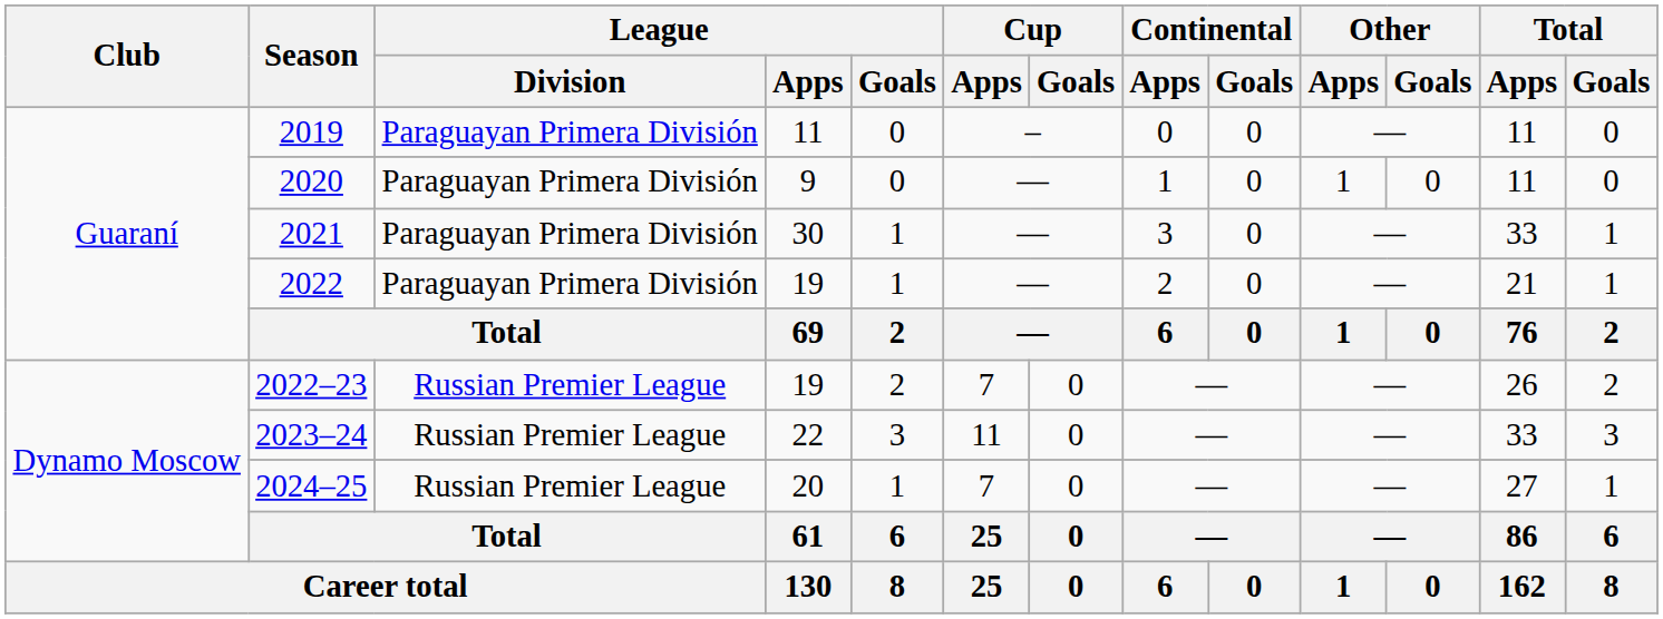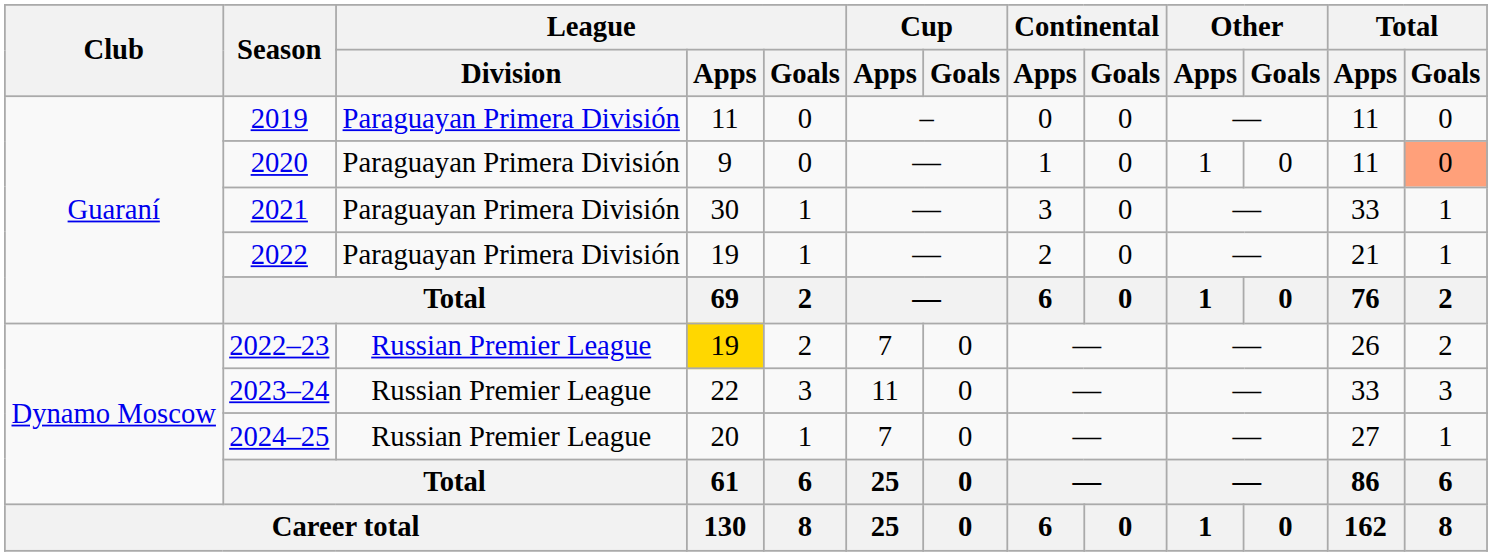 <table class="wikitable" style="text-align: center;">
 <tr>
 <th rowspan="2">Club</th>
 <th rowspan="2">Season</th>
 <th colspan="3">League</th>
 <th colspan="2">Cup</th>
 <th colspan="2">Continental</th>
 <th colspan="2">Other</th>
 <th colspan="2">Total</th>
 </tr>
 <tr>
 <th>Division</th>
 <th>Apps</th>
 <th>Goals</th>
 <th>Apps</th>
 <th>Goals</th>
 <th>Apps</th>
 <th>Goals</th>
 <th>Apps</th>
 <th>Goals</th>
 <th>Apps</th>
 <th>Goals</th>
 </tr>
 <tr>
 <td rowspan="5"><a href='#'>Guaraní</a></td>
 <td><a href='#'>2019</a></td>
 <td><a href='#'>Paraguayan Primera División</a></td>
 <td>11</td>
 <td>0</td>
 <td colspan=2>–</td>
 <td>0</td>
 <td>0</td>
 <td colspan="2">—</td>
 <td>11</td>
 <td>0</td>
 </tr>
 <tr>
 <td><a href='#'>2020</a></td>
 <td>Paraguayan Primera División</td>
 <td>9</td>
 <td>0</td>
 <td colspan="2">—</td>
 <td>1</td>
 <td>0</td>
 <td>1</td>
 <td>0</td>
 <td>11</td>
-<td>0</td>
+<td style="background: lightsalmon;">0</td>
 </tr>
 <tr>
 <td><a href='#'>2021</a></td>
 <td>Paraguayan Primera División</td>
 <td>30</td>
 <td>1</td>
 <td colspan="2">—</td>
 <td>3</td>
 <td>0</td>
 <td colspan="2">—</td>
 <td>33</td>
 <td>1</td>
 </tr>
 <tr>
 <td><a href='#'>2022</a></td>
 <td>Paraguayan Primera División</td>
 <td>19</td>
 <td>1</td>
 <td colspan="2">—</td>
 <td>2</td>
 <td>0</td>
 <td colspan="2">—</td>
 <td>21</td>
 <td>1</td>
 </tr>
 <tr>
 <th colspan="2">Total</th>
 <th>69</th>
 <th>2</th>
 <th colspan="2">—</th>
 <th>6</th>
 <th>0</th>
 <th>1</th>
 <th>0</th>
 <th>76</th>
 <th>2</th>
 </tr>
 <tr>
 <td rowspan="4"><a href='#'>Dynamo Moscow</a></td>
 <td><a href='#'>2022–23</a></td>
 <td><a href='#'>Russian Premier League</a></td>
-<td>19</td>
+<td style="background: gold;">19</td>
 <td>2</td>
 <td>7</td>
 <td>0</td>
 <td colspan="2">—</td>
 <td colspan="2">—</td>
 <td>26</td>
 <td>2</td>
 </tr>
 <tr>
 <td><a href='#'>2023–24</a></td>
 <td>Russian Premier League</td>
 <td>22</td>
 <td>3</td>
 <td>11</td>
 <td>0</td>
 <td colspan="2">—</td>
 <td colspan="2">—</td>
 <td>33</td>
 <td>3</td>
 </tr>
 <tr>
 <td><a href='#'>2024–25</a></td>
 <td>Russian Premier League</td>
 <td>20</td>
 <td>1</td>
 <td>7</td>
 <td>0</td>
 <td colspan="2">—</td>
 <td colspan="2">—</td>
 <td>27</td>
 <td>1</td>
 </tr>
 <tr>
 <th colspan="2">Total</th>
 <th>61</th>
 <th>6</th>
 <th>25</th>
 <th>0</th>
 <th colspan="2">—</th>
 <th colspan="2">—</th>
 <th>86</th>
 <th>6</th>
 </tr>
 <tr>
 <th colspan="3">Career total</th>
 <th>130</th>
 <th>8</th>
 <th>25</th>
 <th>0</th>
 <th>6</th>
 <th>0</th>
 <th>1</th>
 <th>0</th>
 <th>162</th>
 <th>8</th>
 </tr>
 </table>
